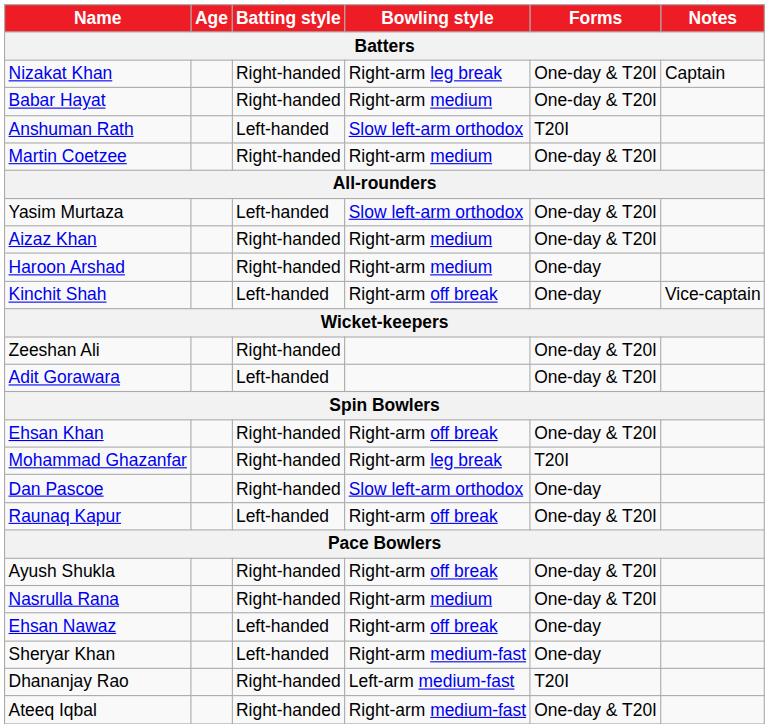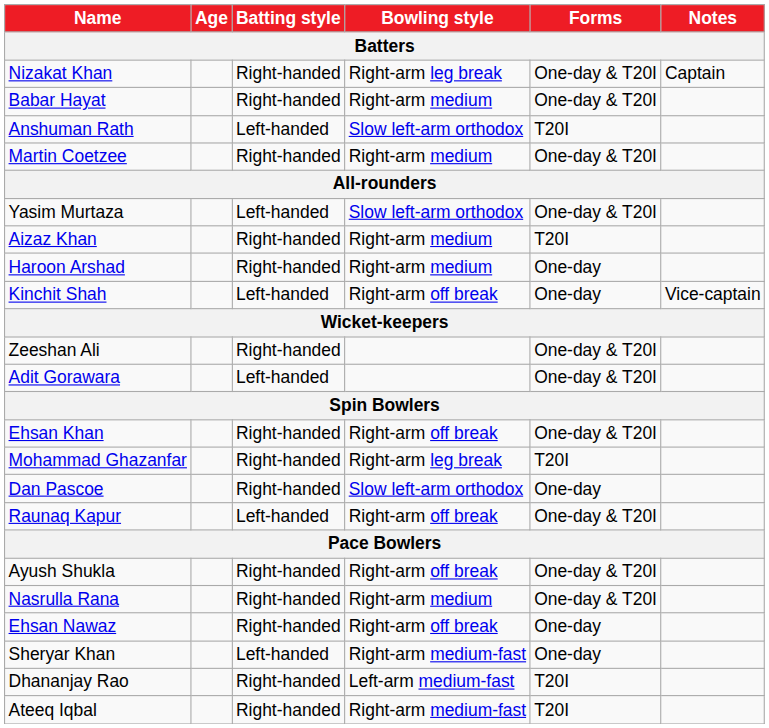 <table class="wikitable">
 <tr>
 <th style="text-align:center; background:#EE1C25; color:white;">Name</th>
 <th style="text-align:center; background:#EE1C25; color:white;">Age</th>
 <th style="text-align:center; background:#EE1C25; color:white;">Batting style</th>
 <th style="text-align:center; background:#EE1C25; color:white;">Bowling style</th>
 <th style="text-align:center; background:#EE1C25; color:white;">Forms</th>
 <th style="text-align:center; background:#EE1C25; color:white;">Notes</th>
 </tr>
 <tr>
 <th colspan="6">Batters</th>
 </tr>
 <tr>
 <td><a href='#'>Nizakat Khan</a></td>
 <td></td>
 <td>Right-handed</td>
 <td>Right-arm <a href='#'>leg break</a></td>
 <td>One-day & T20I</td>
 <td>Captain</td>
 </tr>
 <tr>
 <td><a href='#'>Babar Hayat</a></td>
 <td></td>
 <td>Right-handed</td>
 <td>Right-arm <a href='#'>medium</a></td>
 <td>One-day & T20I</td>
 <td></td>
 </tr>
 <tr>
 <td><a href='#'>Anshuman Rath</a></td>
 <td></td>
 <td>Left-handed</td>
 <td><a href='#'>Slow left-arm orthodox</a></td>
 <td>T20I</td>
 <td></td>
 </tr>
 <tr>
 <td><a href='#'>Martin Coetzee</a></td>
 <td></td>
 <td>Right-handed</td>
 <td>Right-arm <a href='#'>medium</a></td>
 <td>One-day & T20I</td>
 <td></td>
 </tr>
 <tr>
 <th colspan="6">All-rounders</th>
 </tr>
 <tr>
 <td>Yasim Murtaza</td>
 <td></td>
 <td>Left-handed</td>
 <td><a href='#'>Slow left-arm orthodox</a></td>
 <td>One-day & T20I</td>
 <td></td>
 </tr>
 <tr>
 <td><a href='#'>Aizaz Khan</a></td>
 <td></td>
 <td>Right-handed</td>
 <td>Right-arm <a href='#'>medium</a></td>
-<td>One-day & T20I</td>
+<td>T20I</td>
 <td></td>
 </tr>
 <tr>
 <td><a href='#'>Haroon Arshad</a></td>
 <td></td>
 <td>Right-handed</td>
 <td>Right-arm <a href='#'>medium</a></td>
 <td>One-day</td>
 <td></td>
 </tr>
 <tr>
 <td><a href='#'>Kinchit Shah</a></td>
 <td></td>
 <td>Left-handed</td>
 <td>Right-arm <a href='#'>off break</a></td>
 <td>One-day</td>
 <td>Vice-captain</td>
 </tr>
 <tr>
 <th colspan="6">Wicket-keepers</th>
 </tr>
 <tr>
 <td>Zeeshan Ali</td>
 <td></td>
 <td>Right-handed</td>
 <td></td>
 <td>One-day & T20I</td>
 <td></td>
 </tr>
 <tr>
 <td><a href='#'>Adit Gorawara</a></td>
 <td></td>
 <td>Left-handed</td>
 <td></td>
 <td>One-day & T20I</td>
 <td></td>
 </tr>
 <tr>
 <th colspan="6">Spin Bowlers</th>
 </tr>
 <tr>
 <td><a href='#'>Ehsan Khan</a></td>
 <td></td>
 <td>Right-handed</td>
 <td>Right-arm <a href='#'>off break</a></td>
 <td>One-day & T20I</td>
 <td></td>
 </tr>
 <tr>
 <td><a href='#'>Mohammad Ghazanfar</a></td>
 <td></td>
 <td>Right-handed</td>
 <td>Right-arm <a href='#'>leg break</a></td>
 <td>T20I</td>
 <td></td>
 </tr>
 <tr>
 <td><a href='#'>Dan Pascoe</a></td>
 <td></td>
 <td>Right-handed</td>
 <td><a href='#'>Slow left-arm orthodox</a></td>
 <td>One-day</td>
 <td></td>
 </tr>
 <tr>
 <td><a href='#'>Raunaq Kapur</a></td>
 <td></td>
 <td>Left-handed</td>
 <td>Right-arm <a href='#'>off break</a></td>
 <td>One-day & T20I</td>
 <td></td>
 </tr>
 <tr>
 <th colspan="6">Pace Bowlers</th>
 </tr>
 <tr>
 <td>Ayush Shukla</td>
 <td></td>
 <td>Right-handed</td>
 <td>Right-arm <a href='#'>off break</a></td>
 <td>One-day & T20I</td>
 <td></td>
 </tr>
 <tr>
 <td><a href='#'>Nasrulla Rana</a></td>
 <td></td>
 <td>Right-handed</td>
 <td>Right-arm <a href='#'>medium</a></td>
 <td>One-day & T20I</td>
 <td></td>
 </tr>
 <tr>
 <td><a href='#'>Ehsan Nawaz</a></td>
 <td></td>
-<td>Left-handed</td>
+<td>Right-handed</td>
 <td>Right-arm <a href='#'>off break</a></td>
 <td>One-day</td>
 <td></td>
 </tr>
 <tr>
 <td>Sheryar Khan</td>
 <td></td>
 <td>Left-handed</td>
 <td>Right-arm <a href='#'>medium-fast</a></td>
 <td>One-day</td>
 <td></td>
 </tr>
 <tr>
 <td>Dhananjay Rao</td>
 <td></td>
 <td>Right-handed</td>
 <td>Left-arm <a href='#'>medium-fast</a></td>
 <td>T20I</td>
 <td></td>
 </tr>
 <tr>
 <td>Ateeq Iqbal</td>
 <td></td>
 <td>Right-handed</td>
 <td>Right-arm <a href='#'>medium-fast</a></td>
-<td>One-day & T20I</td>
+<td>T20I</td>
 <td></td>
 </tr>
 </table>
